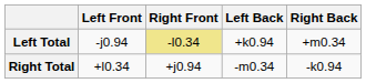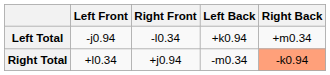 <table class="wikitable" style="text-align:center">
 <tr>
 <th></th>
 <th><small>Left Front</small></th>
 <th><small>Right Front</small></th>
 <th><small>Left Back</small></th>
 <th><small>Right Back</small></th>
 </tr>
 <tr>
 <th><small>Left Total</small></th>
 <td><small>-j0.94</small></td>
-<td style="background: khaki;"><small>-l0.34</small></td>
+<td><small>-l0.34</small></td>
 <td><small>+k0.94</small></td>
 <td><small>+m0.34</small></td>
 </tr>
 <tr>
 <th><small>Right  Total</small></th>
 <td><small>+l0.34</small></td>
 <td><small>+j0.94</small></td>
 <td><small>-m0.34</small></td>
-<td><small>-k0.94</small></td>
+<td style="background: lightsalmon;"><small>-k0.94</small></td>
 </tr>
 </table>
